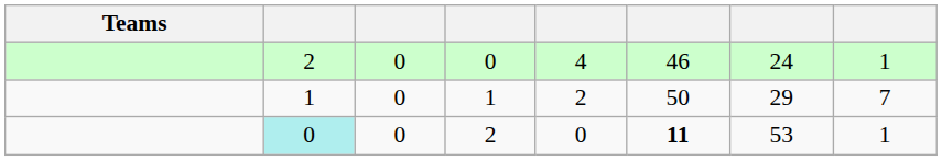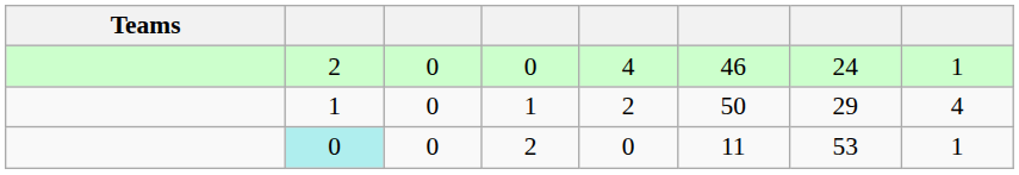 <table class="wikitable" width="50%" style="text-align:center;">
 <tr>
 <th width="20%">Teams</th>
 <th width="7%"></th>
 <th width="7%"></th>
 <th width="7%"></th>
 <th width="7%"></th>
 <th width="8%"></th>
 <th width="8%"></th>
 <th width="8%"></th>
 </tr>
 <tr bgcolor="ccffcc">
 <td align=left></td>
 <td>2</td>
 <td>0</td>
 <td>0</td>
 <td>4</td>
 <td>46</td>
 <td>24</td>
 <td>1</td>
 </tr>
 <tr>
 <td align=left></td>
 <td>1</td>
 <td>0</td>
 <td>1</td>
 <td>2</td>
 <td>50</td>
 <td>29</td>
-<td>7</td>
+<td>4</td>
 </tr>
 <tr>
 <td align=left></td>
 <td style="background: paleturquoise;">0</td>
 <td>0</td>
 <td>2</td>
 <td>0</td>
-<td><strong>11</strong></td>
+<td>11</td>
 <td>53</td>
 <td>1</td>
 </tr>
 </table>
